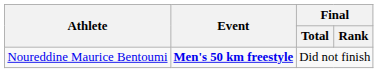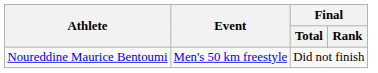 <table class="wikitable" style="font-size:90%">
 <tr>
 <th rowspan="2">Athlete</th>
 <th rowspan="2">Event</th>
 <th colspan="2">Final</th>
 </tr>
 <tr>
 <th>Total</th>
 <th>Rank</th>
 </tr>
 <tr>
 <td><a href='#'>Noureddine Maurice Bentoumi</a></td>
-<td><strong><a href='#'>Men's 50 km freestyle</a></strong></td>
+<td><a href='#'>Men's 50 km freestyle</a></td>
 <td colspan=2 align="center">Did not finish</td>
 </tr>
 </table>
